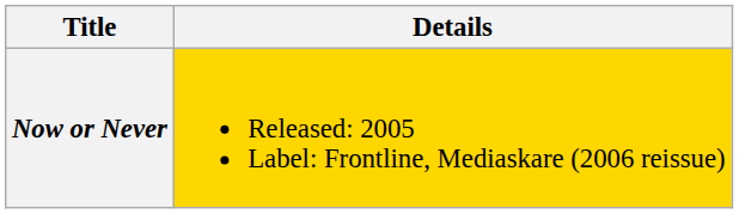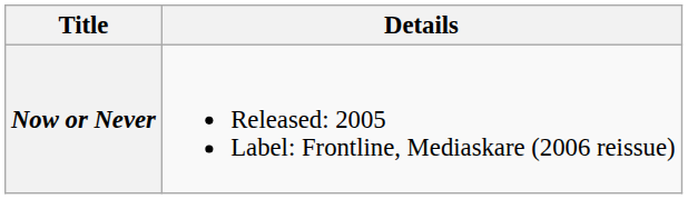 <table class="wikitable plainrowheaders">
 <tr>
 <th>Title</th>
 <th>Details</th>
 </tr>
 <tr>
 <th scope="row"><em>Now or Never</em></th>
-<td style="background: gold;"><br><ul><li>Released: 2005</li><li>Label: Frontline, Mediaskare (2006 reissue)</li></ul></td>
+<td><br><ul><li>Released: 2005</li><li>Label: Frontline, Mediaskare (2006 reissue)</li></ul></td>
 </tr>
 </table>
